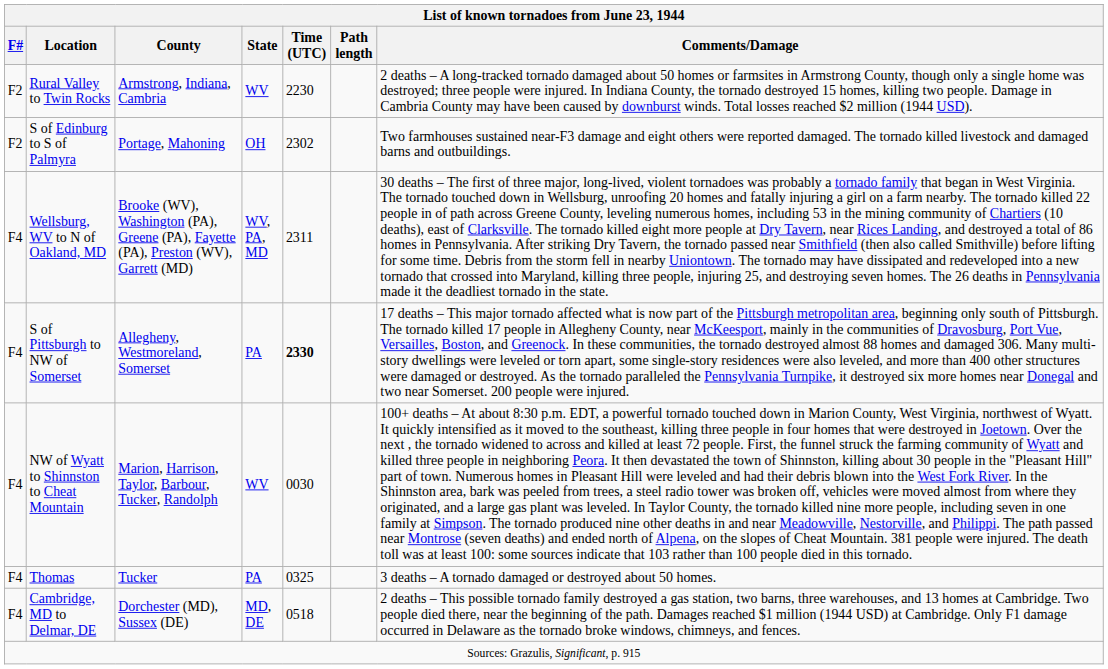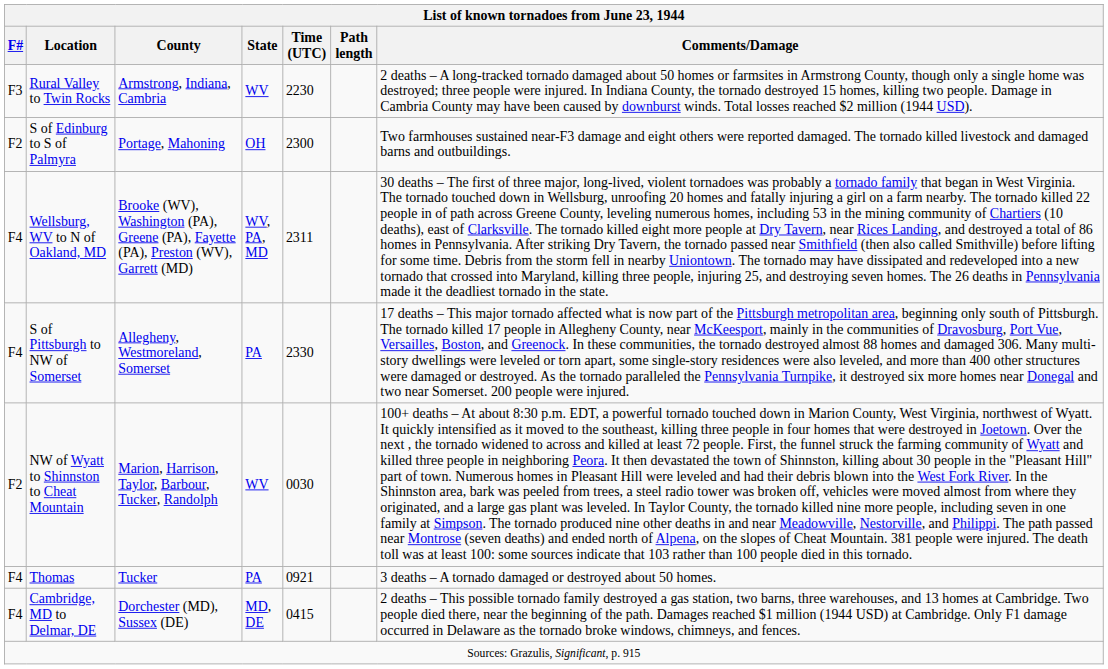 <table class="wikitable collapsible" style="width:100%;">
 <tr>
 <th colspan="8">List of known tornadoes from June 23, 1944</th>
 </tr>
 <tr>
 <th><a href='#'>F#</a></th>
 <th>Location</th>
 <th>County</th>
 <th>State</th>
 <th>Time (UTC)</th>
 <th>Path length</th>
 <th>Comments/Damage</th>
 </tr>
 <tr>
-<td>F2</td>
+<td>F3</td>
 <td><a href='#'>Rural Valley</a> to <a href='#'>Twin Rocks</a></td>
 <td><a href='#'>Armstrong</a>, <a href='#'>Indiana</a>, <a href='#'>Cambria</a></td>
 <td><a href='#'>WV</a></td>
 <td>2230</td>
 <td></td>
 <td>2 deaths – A long-tracked tornado damaged about 50 homes or farmsites in Armstrong County, though only a single home was destroyed; three people were injured. In Indiana County, the tornado destroyed 15 homes, killing two people.  Damage in Cambria County may have been caused by <a href='#'>downburst</a> winds. Total losses reached $2 million (1944 <a href='#'>USD</a>).</td>
 </tr>
 <tr>
 <td>F2</td>
 <td>S of <a href='#'>Edinburg</a> to S of <a href='#'>Palmyra</a></td>
 <td><a href='#'>Portage</a>, <a href='#'>Mahoning</a></td>
 <td><a href='#'>OH</a></td>
-<td>2302</td>
+<td>2300</td>
 <td></td>
 <td>Two farmhouses sustained near-F3 damage and eight others were reported damaged. The tornado killed livestock and damaged barns and outbuildings.</td>
 </tr>
 <tr>
 <td>F4</td>
 <td><a href='#'>Wellsburg, WV</a> to N of <a href='#'>Oakland, MD</a></td>
 <td><a href='#'>Brooke</a> (WV), <a href='#'>Washington</a> (PA), <a href='#'>Greene</a> (PA), <a href='#'>Fayette</a> (PA), <a href='#'>Preston</a> (WV), <a href='#'>Garrett</a> (MD)</td>
 <td><a href='#'>WV</a>, <a href='#'>PA</a>, <a href='#'>MD</a></td>
 <td>2311</td>
 <td></td>
 <td>30 deaths – The first of three major, long-lived, violent tornadoes was probably a <a href='#'>tornado family</a> that began in West Virginia. The tornado touched down in Wellsburg, unroofing 20 homes and fatally injuring a girl on a farm nearby. The tornado killed 22 people in  of path across Greene County, leveling numerous homes, including 53 in the mining community of <a href='#'>Chartiers</a> (10 deaths), east of <a href='#'>Clarksville</a>. The tornado killed eight more people at <a href='#'>Dry Tavern</a>, near <a href='#'>Rices Landing</a>, and destroyed a total of 86 homes in Pennsylvania. After striking Dry Tavern, the tornado passed near <a href='#'>Smithfield</a> (then also called Smithville) before lifting for some time. Debris from the storm fell in nearby <a href='#'>Uniontown</a>.  The tornado may have dissipated and redeveloped into a new tornado that crossed into Maryland, killing three people, injuring 25, and destroying seven homes. The 26 deaths in <a href='#'>Pennsylvania</a> made it the deadliest tornado in the state.</td>
 </tr>
 <tr>
 <td>F4</td>
 <td>S of <a href='#'>Pittsburgh</a> to NW of <a href='#'>Somerset</a></td>
 <td><a href='#'>Allegheny</a>, <a href='#'>Westmoreland</a>, <a href='#'>Somerset</a></td>
 <td><a href='#'>PA</a></td>
-<td><strong>2330</strong></td>
+<td>2330</td>
 <td></td>
 <td>17 deaths – This major tornado affected what is now part of the <a href='#'>Pittsburgh metropolitan area</a>, beginning only  south of Pittsburgh. The tornado killed 17 people in Allegheny County, near <a href='#'>McKeesport</a>, mainly in the communities of <a href='#'>Dravosburg</a>, <a href='#'>Port Vue</a>, <a href='#'>Versailles</a>, <a href='#'>Boston</a>, and <a href='#'>Greenock</a>.  In these communities, the tornado destroyed almost 88 homes and damaged 306. Many multi-story dwellings were leveled or torn apart, some single-story residences were also leveled, and more than 400 other structures were damaged or destroyed.  As the tornado paralleled the <a href='#'>Pennsylvania Turnpike</a>, it destroyed six more homes near <a href='#'>Donegal</a> and two near Somerset. 200 people were injured.</td>
 </tr>
 <tr>
-<td>F4</td>
+<td>F2</td>
 <td>NW of <a href='#'>Wyatt</a> to <a href='#'>Shinnston</a> to <a href='#'>Cheat Mountain</a></td>
 <td><a href='#'>Marion</a>, <a href='#'>Harrison</a>, <a href='#'>Taylor</a>, <a href='#'>Barbour</a>, <a href='#'>Tucker</a>, <a href='#'>Randolph</a></td>
 <td><a href='#'>WV</a></td>
 <td>0030</td>
 <td></td>
 <td>100+ deaths – At about 8:30 p.m. EDT, a powerful tornado touched down in Marion County, West Virginia, northwest of Wyatt. It quickly intensified as it moved to the southeast, killing three people in four homes that were destroyed in <a href='#'>Joetown</a>. Over the next , the tornado widened to  across and killed at least 72 people. First, the funnel struck the farming community of <a href='#'>Wyatt</a> and killed three people in neighboring <a href='#'>Peora</a>. It then devastated the town of Shinnston, killing about 30 people in the "Pleasant Hill" part of town. Numerous homes in Pleasant Hill were leveled and had their debris blown into the <a href='#'>West Fork River</a>. In the Shinnston area, bark was peeled from trees, a steel radio tower was broken off, vehicles were moved almost  from where they originated, and a large gas plant was leveled. In Taylor County, the tornado killed nine more people, including seven in one family at <a href='#'>Simpson</a>. The tornado produced nine other deaths in and near <a href='#'>Meadowville</a>, <a href='#'>Nestorville</a>, and <a href='#'>Philippi</a>. The path passed near <a href='#'>Montrose</a> (seven deaths) and ended north of <a href='#'>Alpena</a>, on the slopes of Cheat Mountain. 381 people were injured. The death toll was at least 100: some sources indicate that 103 rather than 100 people died in this tornado.</td>
 </tr>
 <tr>
 <td>F4</td>
 <td><a href='#'>Thomas</a></td>
 <td><a href='#'>Tucker</a></td>
 <td><a href='#'>PA</a></td>
-<td>0325</td>
+<td>0921</td>
 <td></td>
 <td>3 deaths – A tornado damaged or destroyed about 50 homes.</td>
 </tr>
 <tr>
 <td>F4</td>
 <td><a href='#'>Cambridge, MD</a> to <a href='#'>Delmar, DE</a></td>
 <td><a href='#'>Dorchester</a> (MD), <a href='#'>Sussex</a> (DE)</td>
 <td><a href='#'>MD</a>, <a href='#'>DE</a></td>
-<td>0518</td>
+<td>0415</td>
 <td></td>
 <td>2 deaths – This possible tornado family destroyed a gas station, two barns, three warehouses, and 13 homes at Cambridge. Two people died there, near the beginning of the path. Damages reached $1 million (1944 USD) at Cambridge. Only F1 damage occurred in Delaware as the tornado broke windows, chimneys, and fences.</td>
 </tr>
 <tr>
 <td colspan="8" style="text-align:center;"><small>Sources: Grazulis, <em>Significant</em>, p. 915</small></td>
 </tr>
 </table>
